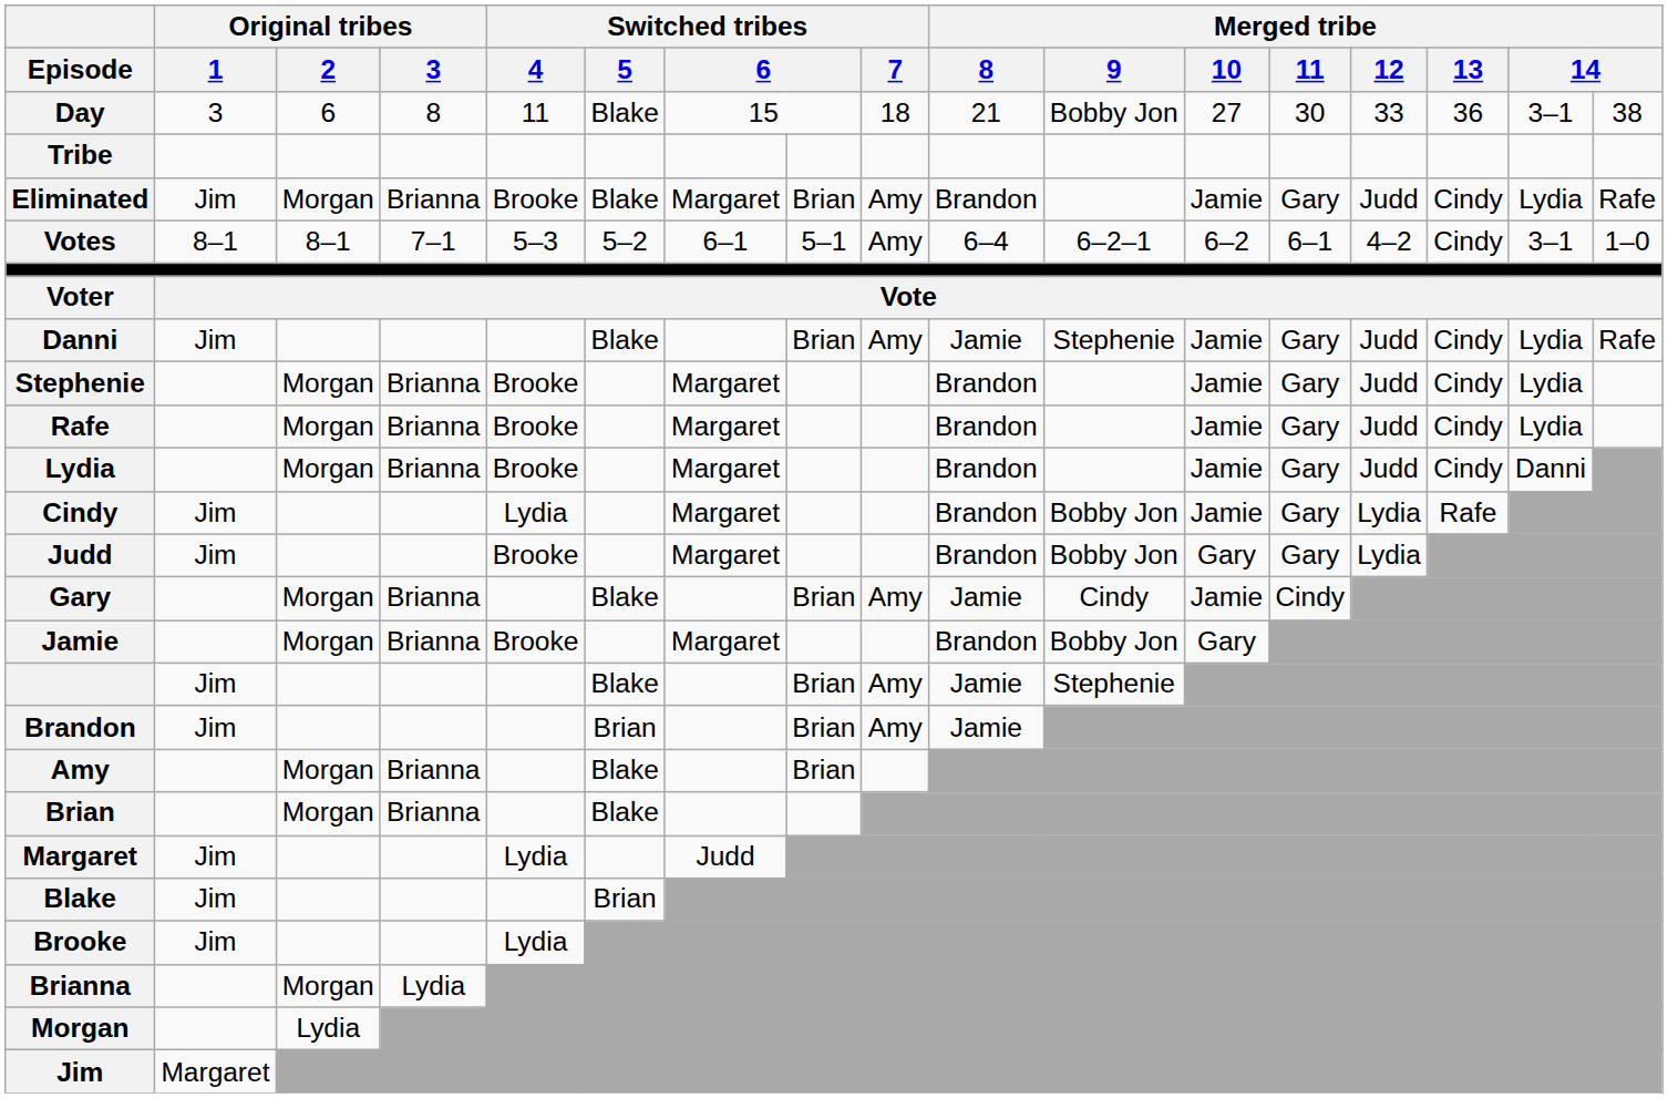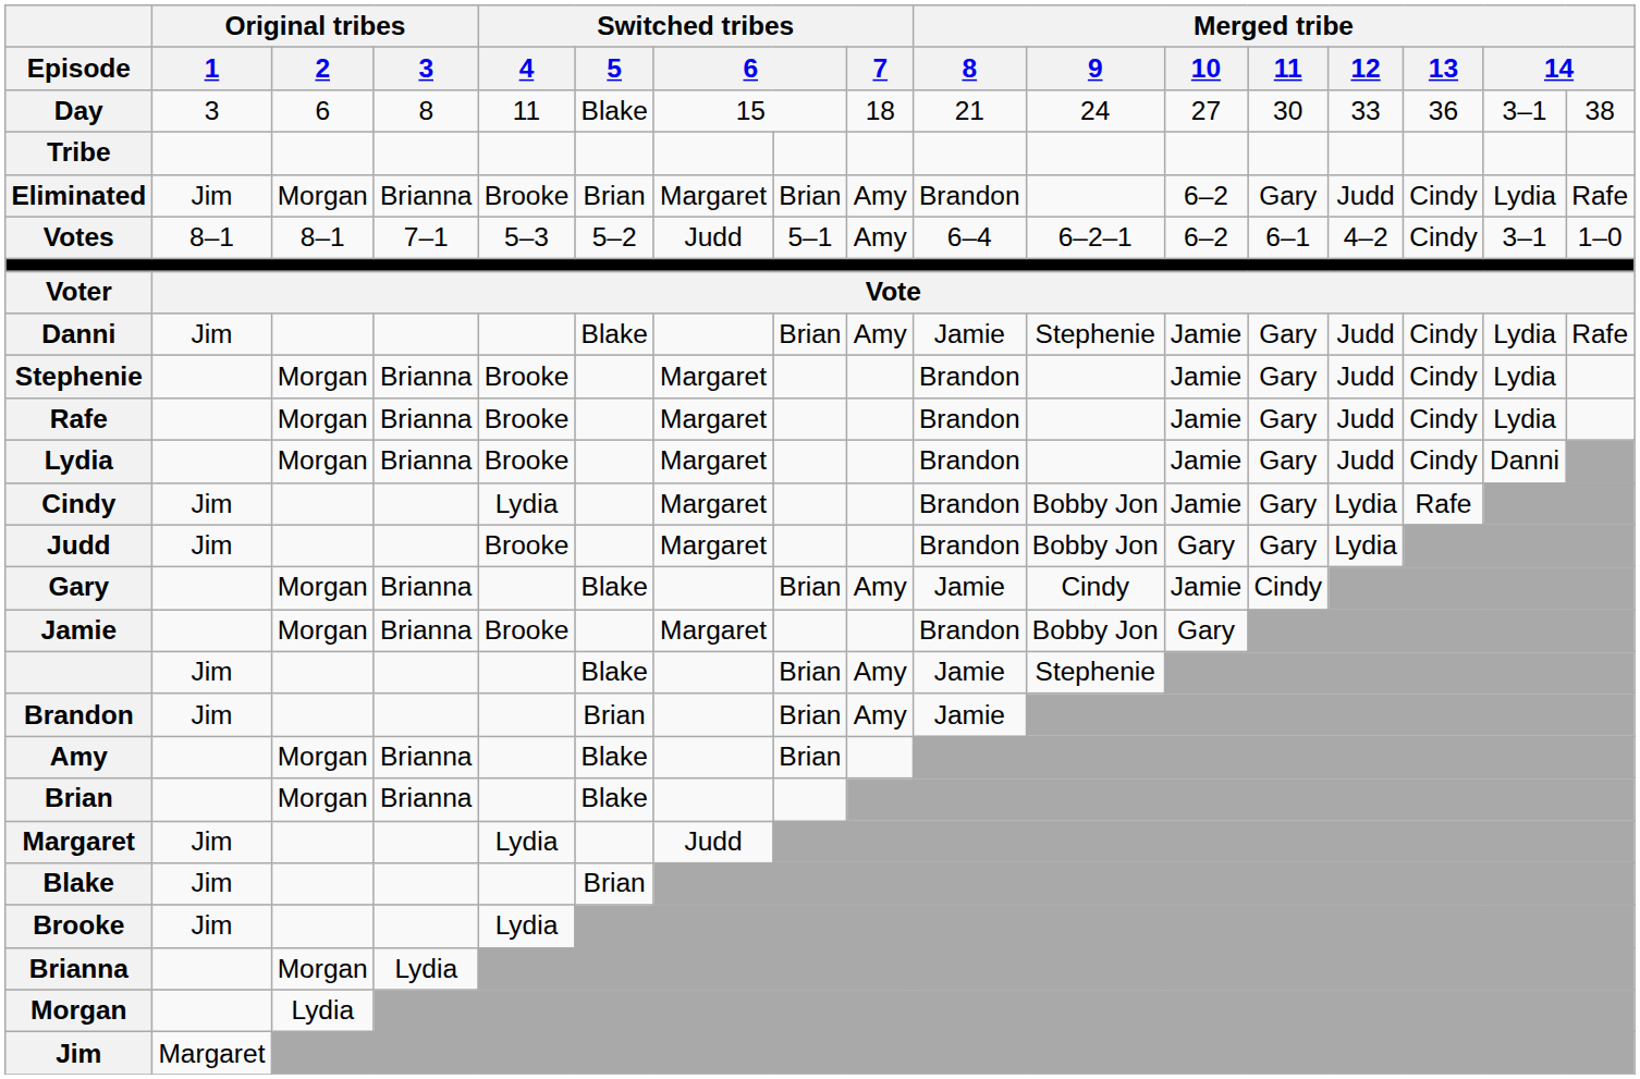 <table class="wikitable" style="text-align:center; font-size:100%;">
 <tr>
 <th></th>
 <th colspan=3>Original tribes</th>
 <th colspan=5>Switched tribes</th>
 <th colspan=8>Merged tribe</th>
 </tr>
 <tr>
 <th>Episode</th>
 <th><a href='#'>1</a></th>
 <th><a href='#'>2</a></th>
 <th><a href='#'>3</a></th>
 <th><a href='#'>4</a></th>
 <th><a href='#'>5</a></th>
 <th colspan=2><a href='#'>6</a></th>
 <th><a href='#'>7</a></th>
 <th><a href='#'>8</a></th>
 <th><a href='#'>9</a></th>
 <th><a href='#'>10</a></th>
 <th><a href='#'>11</a></th>
 <th><a href='#'>12</a></th>
 <th><a href='#'>13</a></th>
 <th colspan=2><a href='#'>14</a></th>
 </tr>
 <tr>
 <th>Day</th>
 <td>3</td>
 <td>6</td>
 <td>8</td>
 <td>11</td>
 <td>Blake</td>
 <td colspan="2">15</td>
 <td>18</td>
 <td>21</td>
-<td>Bobby Jon</td>
+<td>24</td>
 <td>27</td>
 <td>30</td>
 <td>33</td>
 <td>36</td>
 <td>3–1</td>
 <td>38</td>
 </tr>
 <tr>
 <th>Tribe</th>
 <td></td>
 <td></td>
 <td></td>
 <td></td>
 <td></td>
 <td></td>
 <td></td>
 <td></td>
 <td></td>
 <td></td>
 <td></td>
 <td></td>
 <td></td>
 <td></td>
 <td></td>
 <td></td>
 </tr>
 <tr>
 <th>Eliminated</th>
 <td>Jim</td>
 <td>Morgan</td>
 <td>Brianna</td>
 <td>Brooke</td>
-<td>Blake</td>
+<td>Brian</td>
 <td>Margaret</td>
 <td>Brian</td>
 <td>Amy</td>
 <td>Brandon</td>
 <td></td>
-<td>Jamie</td>
+<td>6–2</td>
 <td>Gary</td>
 <td>Judd</td>
 <td>Cindy</td>
 <td>Lydia</td>
 <td>Rafe</td>
 </tr>
 <tr>
 <th>Votes</th>
 <td>8–1</td>
 <td>8–1</td>
 <td>7–1</td>
 <td>5–3</td>
 <td>5–2</td>
-<td>6–1</td>
+<td>Judd</td>
 <td>5–1</td>
 <td>Amy</td>
 <td>6–4</td>
 <td>6–2–1</td>
 <td>6–2</td>
 <td>6–1</td>
 <td>4–2</td>
 <td>Cindy</td>
 <td>3–1</td>
 <td>1–0</td>
 </tr>
 <tr>
 <td colspan=19 bgcolor=black></td>
 </tr>
 <tr>
 <th>Voter</th>
 <th colspan=16>Vote</th>
 </tr>
 <tr>
 <th>Danni</th>
 <td>Jim</td>
 <td></td>
 <td></td>
 <td></td>
 <td>Blake</td>
 <td></td>
 <td>Brian</td>
 <td>Amy</td>
 <td>Jamie</td>
 <td>Stephenie</td>
 <td>Jamie</td>
 <td>Gary</td>
 <td>Judd</td>
 <td>Cindy</td>
 <td>Lydia</td>
 <td>Rafe</td>
 </tr>
 <tr>
 <th>Stephenie</th>
 <td></td>
 <td>Morgan</td>
 <td>Brianna</td>
 <td>Brooke</td>
 <td></td>
 <td>Margaret</td>
 <td></td>
 <td></td>
 <td>Brandon</td>
 <td></td>
 <td>Jamie</td>
 <td>Gary</td>
 <td>Judd</td>
 <td>Cindy</td>
 <td>Lydia</td>
 <td></td>
 </tr>
 <tr>
 <th>Rafe</th>
 <td></td>
 <td>Morgan</td>
 <td>Brianna</td>
 <td>Brooke</td>
 <td></td>
 <td>Margaret</td>
 <td></td>
 <td></td>
 <td>Brandon</td>
 <td></td>
 <td>Jamie</td>
 <td>Gary</td>
 <td>Judd</td>
 <td>Cindy</td>
 <td>Lydia</td>
 <td></td>
 </tr>
 <tr>
 <th>Lydia</th>
 <td></td>
 <td>Morgan</td>
 <td>Brianna</td>
 <td>Brooke</td>
 <td></td>
 <td>Margaret</td>
 <td></td>
 <td></td>
 <td>Brandon</td>
 <td></td>
 <td>Jamie</td>
 <td>Gary</td>
 <td>Judd</td>
 <td>Cindy</td>
 <td>Danni</td>
 <td style="background:darkgrey;"></td>
 </tr>
 <tr>
 <th>Cindy</th>
 <td>Jim</td>
 <td></td>
 <td></td>
 <td>Lydia</td>
 <td></td>
 <td>Margaret</td>
 <td></td>
 <td></td>
 <td>Brandon</td>
 <td>Bobby Jon</td>
 <td>Jamie</td>
 <td>Gary</td>
 <td>Lydia</td>
 <td>Rafe</td>
 <td colspan="2" style="background:darkgrey;"></td>
 </tr>
 <tr>
 <th>Judd</th>
 <td>Jim</td>
 <td></td>
 <td></td>
 <td>Brooke</td>
 <td></td>
 <td>Margaret</td>
 <td></td>
 <td></td>
 <td>Brandon</td>
 <td>Bobby Jon</td>
 <td>Gary</td>
 <td>Gary</td>
 <td>Lydia</td>
 <td colspan="3" style="background:darkgrey;"></td>
 </tr>
 <tr>
 <th>Gary</th>
 <td></td>
 <td>Morgan</td>
 <td>Brianna</td>
 <td></td>
 <td>Blake</td>
 <td></td>
 <td>Brian</td>
 <td>Amy</td>
 <td>Jamie</td>
 <td>Cindy</td>
 <td>Jamie</td>
 <td>Cindy</td>
 <td colspan="4" style="background:darkgrey;"></td>
 </tr>
 <tr>
 <th>Jamie</th>
 <td></td>
 <td>Morgan</td>
 <td>Brianna</td>
 <td>Brooke</td>
 <td></td>
 <td>Margaret</td>
 <td></td>
 <td></td>
 <td>Brandon</td>
 <td>Bobby Jon</td>
 <td>Gary</td>
 <td colspan="5" style="background:darkgrey;"></td>
 </tr>
 <tr>
 <th></th>
 <td>Jim</td>
 <td></td>
 <td></td>
 <td></td>
 <td>Blake</td>
 <td></td>
 <td>Brian</td>
 <td>Amy</td>
 <td>Jamie</td>
 <td>Stephenie</td>
 <td colspan="6" style="background:darkgrey;"></td>
 </tr>
 <tr>
 <th>Brandon</th>
 <td>Jim</td>
 <td></td>
 <td></td>
 <td></td>
 <td>Brian</td>
 <td></td>
 <td>Brian</td>
 <td>Amy</td>
 <td>Jamie</td>
 <td colspan="7" style="background:darkgrey;"></td>
 </tr>
 <tr>
 <th>Amy</th>
 <td></td>
 <td>Morgan</td>
 <td>Brianna</td>
 <td></td>
 <td>Blake</td>
 <td></td>
 <td>Brian</td>
 <td></td>
 <td colspan="8" style="background:darkgrey;"></td>
 </tr>
 <tr>
 <th>Brian</th>
 <td></td>
 <td>Morgan</td>
 <td>Brianna</td>
 <td></td>
 <td>Blake</td>
 <td></td>
 <td></td>
 <td colspan="11" style="background:darkgrey;"></td>
 </tr>
 <tr>
 <th>Margaret</th>
 <td>Jim</td>
 <td></td>
 <td></td>
 <td>Lydia</td>
 <td></td>
 <td>Judd</td>
 <td colspan="12" style="background:darkgrey;"></td>
 </tr>
 <tr>
 <th>Blake</th>
 <td>Jim</td>
 <td></td>
 <td></td>
 <td></td>
 <td>Brian</td>
 <td colspan="13" style="background:darkgrey;"></td>
 </tr>
 <tr>
 <th>Brooke</th>
 <td>Jim</td>
 <td></td>
 <td></td>
 <td>Lydia</td>
 <td colspan="14" style="background:darkgrey;"></td>
 </tr>
 <tr>
 <th>Brianna</th>
 <td></td>
 <td>Morgan</td>
 <td>Lydia</td>
 <td colspan="15" style="background:darkgrey;"></td>
 </tr>
 <tr>
 <th>Morgan</th>
 <td></td>
 <td>Lydia</td>
 <td colspan="16" style="background:darkgrey;"></td>
 </tr>
 <tr>
 <th>Jim</th>
 <td>Margaret</td>
 <td colspan="17" style="background:darkgrey;"></td>
 </tr>
 </table>
